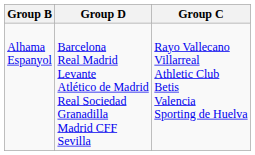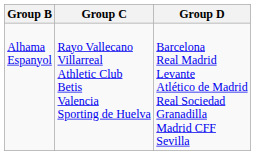 <table class="wikitable">
 <tr>
 <th>Group B</th>
+<th>Group C</th>
 <th>Group D</th>
-<th>Group C</th>
 </tr>
 <tr valign=top>
 <td><br><a href='#'>Alhama</a><br> <a href='#'>Espanyol</a></td>
+<td><br><a href='#'>Rayo Vallecano</a><br> <a href='#'>Villarreal</a><br> <a href='#'>Athletic Club</a><br> <a href='#'>Betis</a><br> <a href='#'>Valencia</a><br> <a href='#'>Sporting de Huelva</a></td>
 <td><br><a href='#'>Barcelona</a><br> <a href='#'>Real Madrid</a><br> <a href='#'>Levante</a><br> <a href='#'>Atlético de Madrid</a><br> <a href='#'>Real Sociedad</a><br> <a href='#'>Granadilla</a><br> <a href='#'>Madrid CFF</a><br> <a href='#'>Sevilla</a></td>
-<td><br><a href='#'>Rayo Vallecano</a><br> <a href='#'>Villarreal</a><br> <a href='#'>Athletic Club</a><br> <a href='#'>Betis</a><br> <a href='#'>Valencia</a><br> <a href='#'>Sporting de Huelva</a></td>
 </tr>
 </table>
